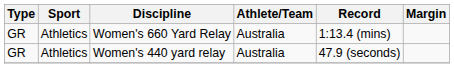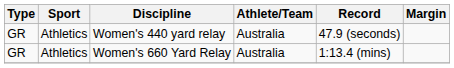 <table class="wikitable">
 <tr>
 <th>Type</th>
 <th>Sport</th>
 <th>Discipline</th>
 <th>Athlete/Team</th>
 <th>Record</th>
 <th>Margin</th>
 </tr>
 <tr>
 <td>GR</td>
 <td>Athletics</td>
+<td>Women's 440 yard relay</td>
+<td>Australia</td>
+<td>47.9 (seconds)</td>
+<td></td>
+</tr>
+<tr>
+<td>GR</td>
+<td>Athletics</td>
 <td>Women's 660 Yard Relay</td>
 <td>Australia</td>
 <td>1:13.4 (mins)</td>
 <td></td>
 </tr>
 <tr>
-<td>GR</td>
-<td>Athletics</td>
-<td>Women's 440 yard relay</td>
-<td>Australia</td>
-<td>47.9 (seconds)</td>
-<td></td>
-</tr>
-<tr>
 </tr>
 </table>
